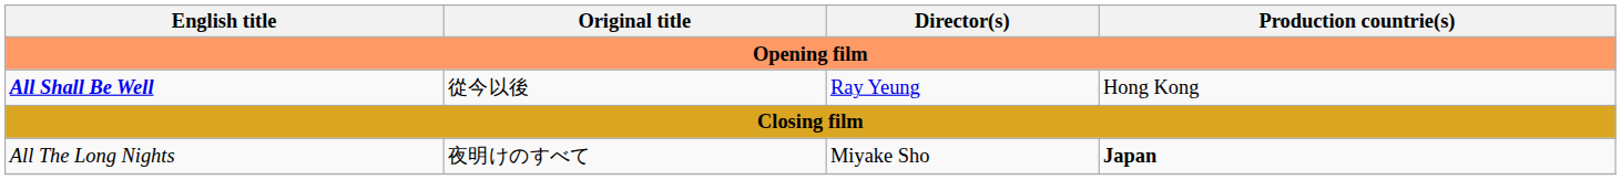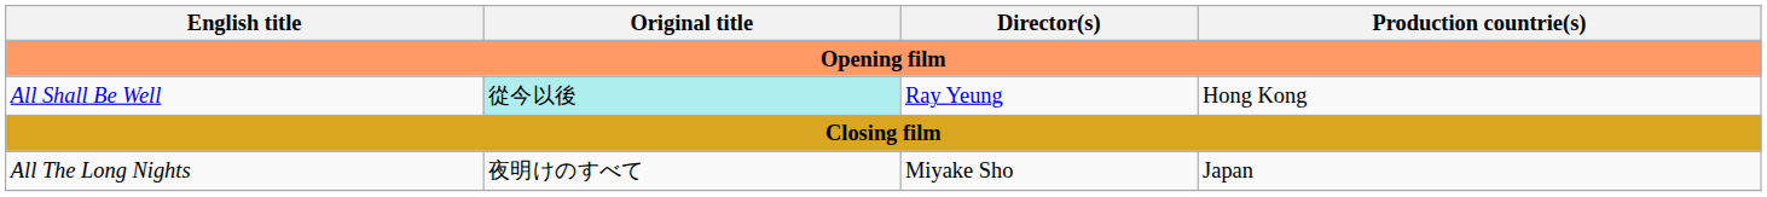 <table class="sortable wikitable" style="width:100%; margin-bottom:4px" cellpadding="5">
 <tr>
 <th scope="col">English title</th>
 <th scope="col">Original title</th>
 <th scope="col">Director(s)</th>
 <th scope="col">Production countrie(s)</th>
 </tr>
 <tr>
 <th colspan="5" style="background:#FF9966"><strong>Opening film</strong></th>
 </tr>
 <tr>
-<td><strong><em><a href='#'>All Shall Be Well</a></em></strong></td>
-<td>從今以後</td>
+<td><em><a href='#'>All Shall Be Well</a></em></td>
+<td style="background: paleturquoise;">從今以後</td>
 <td><a href='#'>Ray Yeung</a></td>
 <td>Hong Kong</td>
 </tr>
 <tr>
 <th colspan="5" style="background:#DAA520"><strong>Closing film</strong></th>
 </tr>
 <tr>
 <td><em>All The Long Nights</em></td>
 <td>夜明けのすべて</td>
 <td>Miyake Sho</td>
-<td><strong>Japan</strong></td>
+<td>Japan</td>
 </tr>
 <tr>
 </tr>
 </table>
